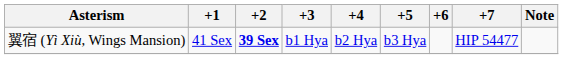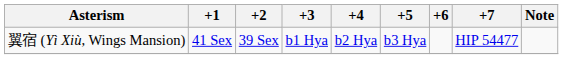 <table class = "wikitable">
 <tr>
 <th>Asterism</th>
 <th>+1</th>
 <th>+2</th>
 <th>+3</th>
 <th>+4</th>
 <th>+5</th>
 <th>+6</th>
 <th>+7</th>
 <th>Note</th>
 </tr>
 <tr>
 <td>翼宿 (<em>Yì Xiù</em>, Wings Mansion)</td>
 <td><a href='#'>41 Sex</a></td>
-<td><strong><a href='#'>39 Sex</a></strong></td>
+<td><a href='#'>39 Sex</a></td>
 <td><a href='#'>b1 Hya</a></td>
 <td><a href='#'>b2 Hya</a></td>
 <td><a href='#'>b3 Hya</a></td>
 <td></td>
 <td><a href='#'>HIP 54477</a></td>
 <td></td>
 </tr>
 <tr>
 </tr>
 </table>
